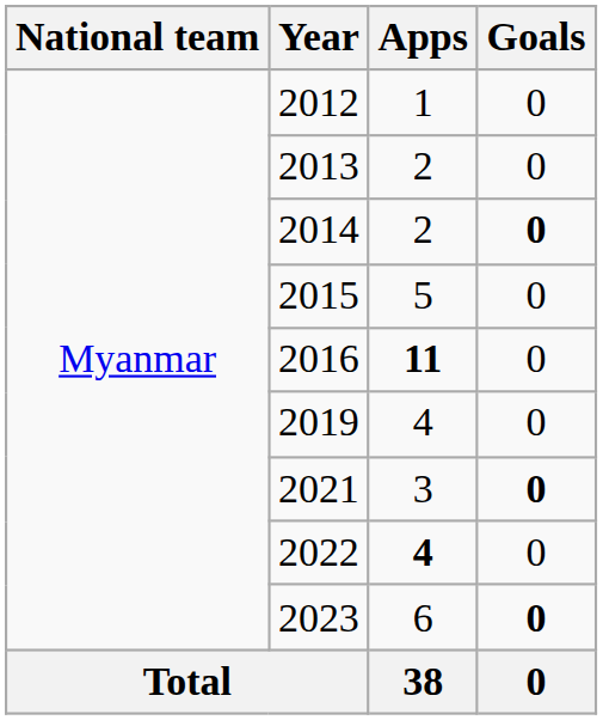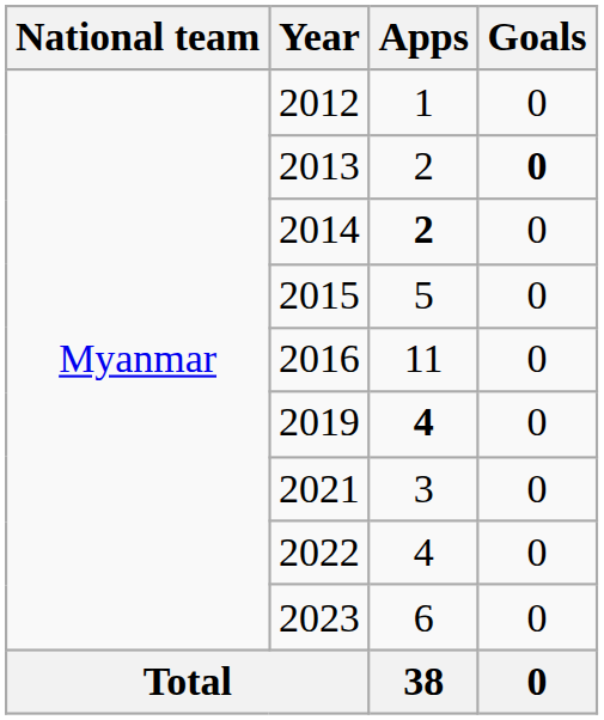 <table class=wikitable style=text-align:center>
 <tr>
 <th>National team</th>
 <th>Year</th>
 <th>Apps</th>
 <th>Goals</th>
 </tr>
 <tr>
 <td rowspan=9><a href='#'>Myanmar</a></td>
 <td>2012</td>
 <td>1</td>
 <td>0</td>
 </tr>
 <tr>
 <td>2013</td>
 <td>2</td>
-<td>0</td>
+<td><strong>0</strong></td>
 </tr>
 <tr>
 <td>2014</td>
-<td>2</td>
-<td><strong>0</strong></td>
+<td><strong>2</strong></td>
+<td>0</td>
 </tr>
 <tr>
 <td>2015</td>
 <td>5</td>
 <td>0</td>
 </tr>
 <tr>
 <td>2016</td>
-<td><strong>11</strong></td>
+<td>11</td>
 <td>0</td>
 </tr>
 <tr>
 <td>2019</td>
-<td>4</td>
+<td><strong>4</strong></td>
 <td>0</td>
 </tr>
 <tr>
 <td>2021</td>
 <td>3</td>
-<td><strong>0</strong></td>
+<td>0</td>
 </tr>
 <tr>
 <td>2022</td>
-<td><strong>4</strong></td>
+<td>4</td>
 <td>0</td>
 </tr>
 <tr>
 <td>2023</td>
 <td>6</td>
-<td><strong>0</strong></td>
+<td>0</td>
 </tr>
 <tr>
 <th colspan=2>Total</th>
 <th>38</th>
 <th>0</th>
 </tr>
 </table>
